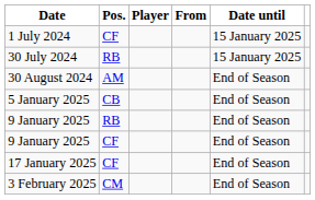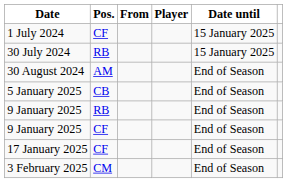 <table class="wikitable plainrowheaders sortable">
 <tr>
 <th style="background-color:white;">Date</th>
 <th style="background-color:white;">Pos.</th>
+<th style="background-color:white;">From</th>
 <th style="background-color:white;">Player</th>
-<th style="background-color:white;">From</th>
 <th style="background-color:white;">Date until</th>
 <th style="background-color:white;"></th>
 </tr>
 <tr>
 <td>1 July 2024</td>
 <td><a href='#'>CF</a></td>
 <td></td>
 <td></td>
 <td>15 January 2025</td>
 <td></td>
 </tr>
 <tr>
 <td>30 July 2024</td>
 <td><a href='#'>RB</a></td>
 <td></td>
 <td></td>
 <td>15 January 2025</td>
 <td></td>
 </tr>
 <tr>
 <td>30 August 2024</td>
 <td><a href='#'>AM</a></td>
 <td></td>
 <td></td>
 <td>End of Season</td>
 <td></td>
 </tr>
 <tr>
 <td>5 January 2025</td>
 <td><a href='#'>CB</a></td>
 <td></td>
 <td></td>
 <td>End of Season</td>
 <td></td>
 </tr>
 <tr>
 <td>9 January 2025</td>
 <td><a href='#'>RB</a></td>
 <td></td>
 <td></td>
 <td>End of Season</td>
 <td></td>
 </tr>
 <tr>
 <td>9 January 2025</td>
 <td><a href='#'>CF</a></td>
 <td></td>
 <td></td>
 <td>End of Season</td>
 <td></td>
 </tr>
 <tr>
 <td>17 January 2025</td>
 <td><a href='#'>CF</a></td>
 <td></td>
 <td></td>
 <td>End of Season</td>
 <td></td>
 </tr>
 <tr>
 <td>3 February 2025</td>
 <td><a href='#'>CM</a></td>
 <td></td>
 <td></td>
 <td>End of Season</td>
 <td></td>
 </tr>
 </table>
